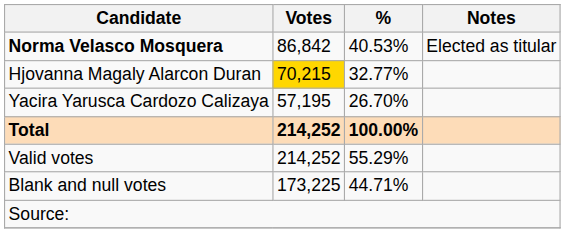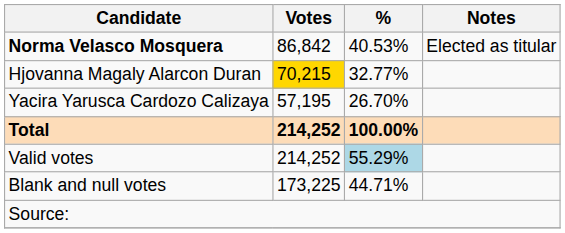 <table class=wikitable>
 <tr>
 <th>Candidate</th>
 <th>Votes</th>
 <th>%</th>
 <th>Notes</th>
 </tr>
 <tr>
 <td><strong>Norma Velasco Mosquera</strong></td>
 <td>86,842</td>
 <td>40.53%</td>
 <td>Elected as titular</td>
 </tr>
 <tr>
 <td>Hjovanna Magaly Alarcon Duran</td>
 <td style="background: gold;">70,215</td>
 <td>32.77%</td>
 <td></td>
 </tr>
 <tr>
 <td>Yacira Yarusca Cardozo Calizaya</td>
 <td>57,195</td>
 <td>26.70%</td>
 <td></td>
 </tr>
 <tr>
 <td style="background:#FDDCB8"><strong>Total</strong></td>
 <td style="background:#FDDCB8"><strong>214,252</strong></td>
 <td style="background:#FDDCB8"><strong>100.00%</strong></td>
 <td style="background:#FDDCB8"></td>
 </tr>
 <tr>
 <td>Valid votes</td>
 <td>214,252</td>
-<td>55.29%</td>
+<td style="background: lightblue;">55.29%</td>
 <td></td>
 </tr>
 <tr>
 <td>Blank and null votes</td>
 <td>173,225</td>
 <td>44.71%</td>
 <td></td>
 </tr>
 <tr>
 <td colspan="4">Source: </td>
 </tr>
 <tr>
 </tr>
 </table>
